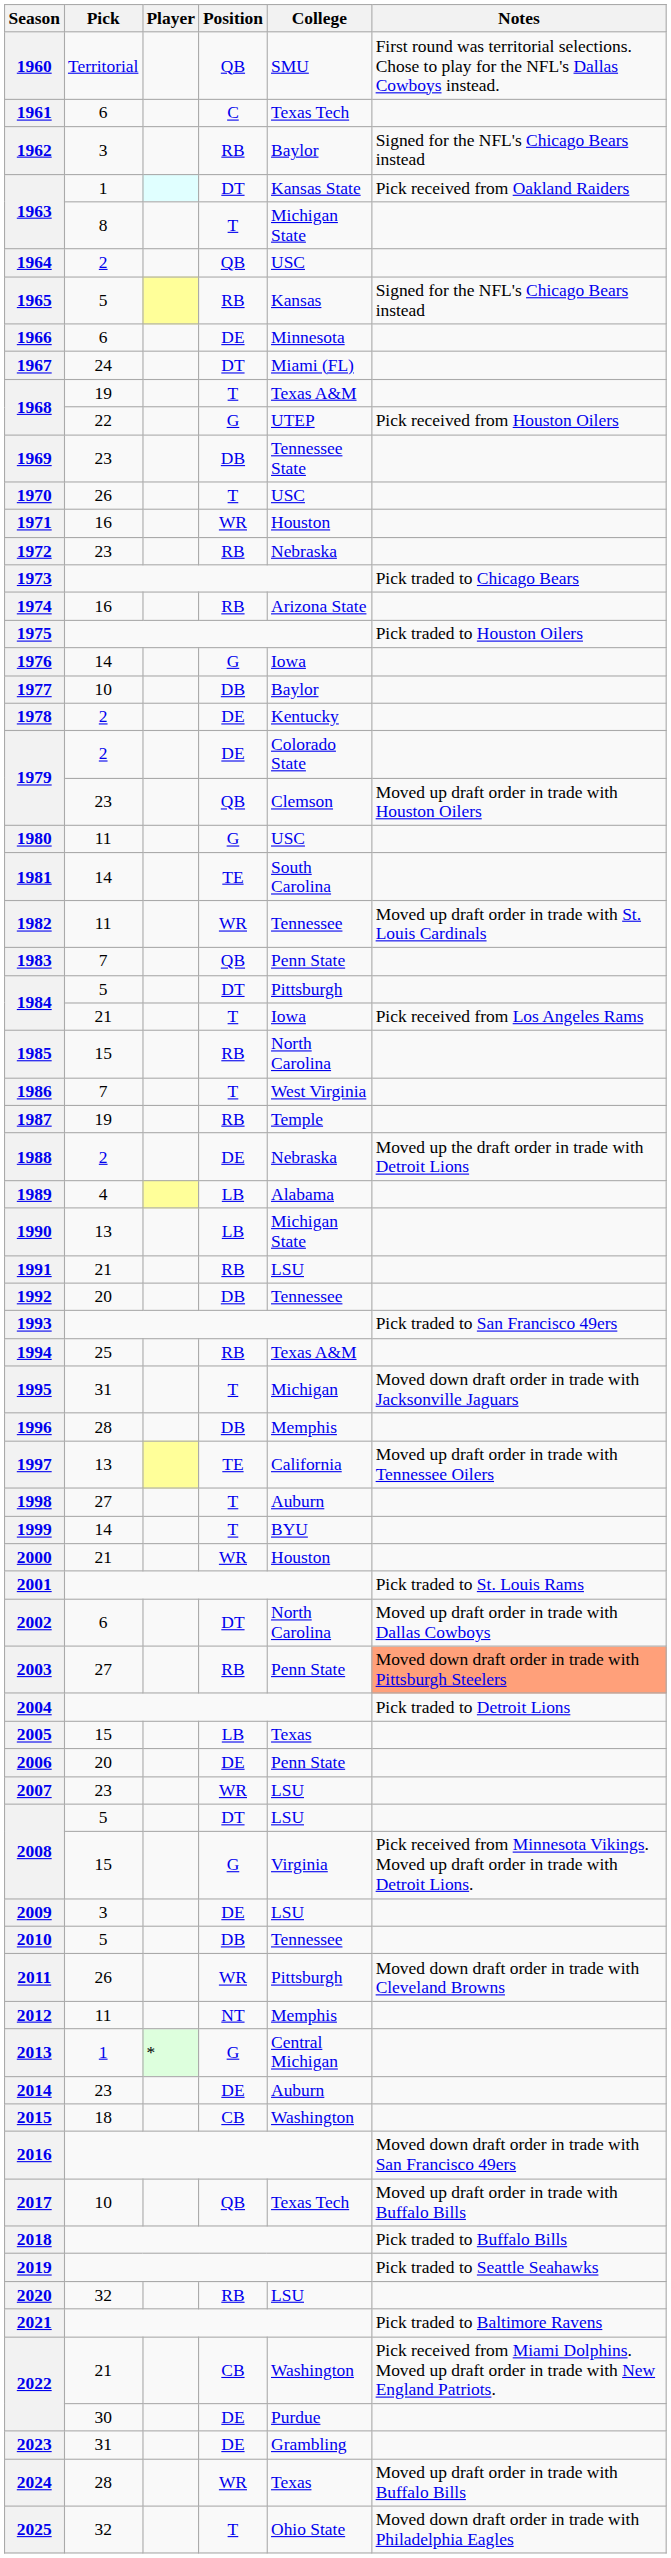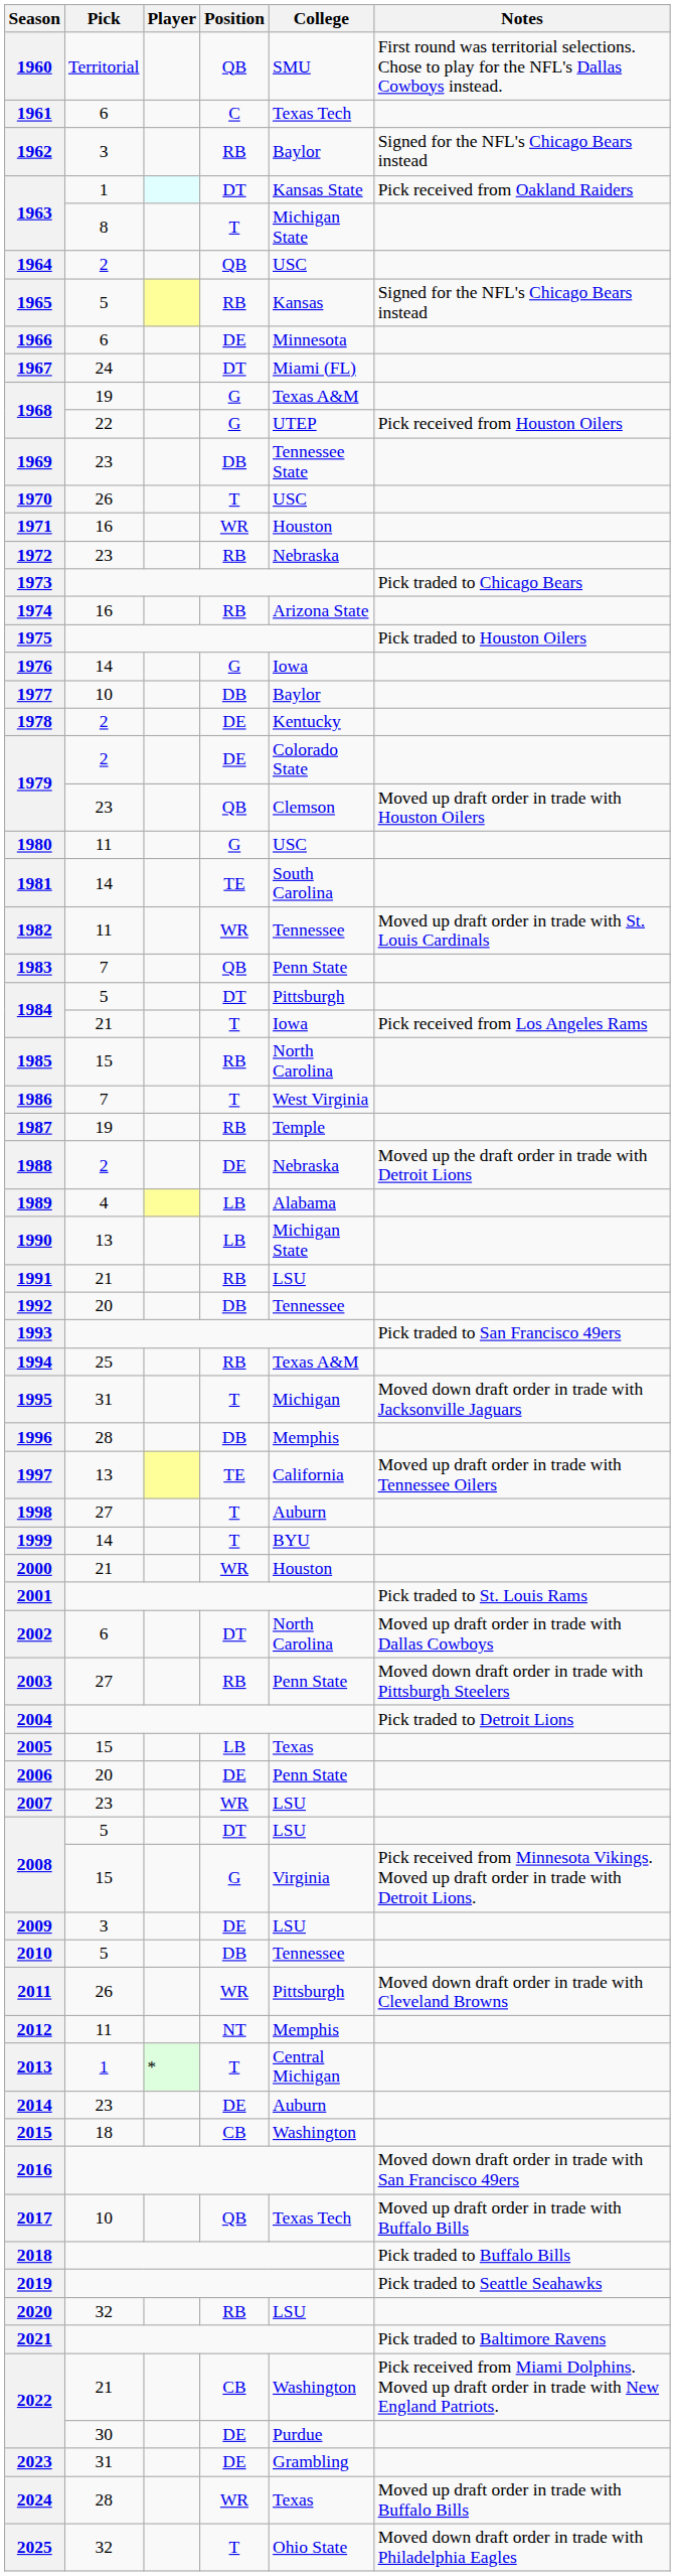 <table class="wikitable sortable">
 <tr>
 <th scope="col">Season</th>
 <th scope="col">Pick</th>
 <th scope="col">Player</th>
 <th scope="col">Position</th>
 <th scope="col">College</th>
 <th scope="col" class="unsortable">Notes</th>
 </tr>
 <tr>
 <th scope="row"><a href='#'>1960</a></th>
 <td align="center"><a href='#'>Territorial</a></td>
 <td></td>
 <td align="center"><a href='#'>QB</a></td>
 <td><a href='#'>SMU</a></td>
 <td>First round was territorial selections. Chose to play for the NFL's <a href='#'>Dallas Cowboys</a> instead.</td>
 </tr>
 <tr>
 <th scope="row"><a href='#'>1961</a></th>
 <td align="center">6</td>
 <td></td>
 <td align="center"><a href='#'>C</a></td>
 <td><a href='#'>Texas Tech</a></td>
 <td></td>
 </tr>
 <tr>
 <th scope="row"><a href='#'>1962</a></th>
 <td align="center">3</td>
 <td></td>
 <td align="center"><a href='#'>RB</a></td>
 <td><a href='#'>Baylor</a></td>
 <td>Signed for the NFL's <a href='#'>Chicago Bears</a> instead</td>
 </tr>
 <tr>
 <th scope="rowgroup" rowspan="2"><a href='#'>1963</a></th>
 <td align="center">1</td>
 <td style="background-color: #E0FFFF;"></td>
 <td align="center"><a href='#'>DT</a></td>
 <td><a href='#'>Kansas State</a></td>
 <td>Pick received from <a href='#'>Oakland Raiders</a></td>
 </tr>
 <tr>
 <td align="center">8</td>
 <td></td>
 <td align="center"><a href='#'>T</a></td>
 <td><a href='#'>Michigan State</a></td>
 <td></td>
 </tr>
 <tr>
 <th scope="row"><a href='#'>1964</a></th>
 <td align="center"><a href='#'>2</a></td>
 <td></td>
 <td align="center"><a href='#'>QB</a></td>
 <td><a href='#'>USC</a></td>
 <td></td>
 </tr>
 <tr>
 <th scope="row"><a href='#'>1965</a></th>
 <td align="center">5</td>
 <td style="background-color: #FFFF99;"></td>
 <td align="center"><a href='#'>RB</a></td>
 <td><a href='#'>Kansas</a></td>
 <td>Signed for the NFL's <a href='#'>Chicago Bears</a> instead</td>
 </tr>
 <tr>
 <th scope="row"><a href='#'>1966</a></th>
 <td align="center">6</td>
 <td></td>
 <td align="center"><a href='#'>DE</a></td>
 <td><a href='#'>Minnesota</a></td>
 <td></td>
 </tr>
 <tr>
 <th scope="row"><a href='#'>1967</a></th>
 <td align="center">24</td>
 <td></td>
 <td align="center"><a href='#'>DT</a></td>
 <td><a href='#'>Miami (FL)</a></td>
 <td></td>
 </tr>
 <tr>
 <th scope="rowgroup" rowspan="2"><a href='#'>1968</a></th>
 <td align="center">19</td>
 <td></td>
-<td align="center"><a href='#'>T</a></td>
+<td align="center"><a href='#'>G</a></td>
 <td><a href='#'>Texas A&M</a></td>
 <td></td>
 </tr>
 <tr>
 <td align="center">22</td>
 <td></td>
 <td align="center"><a href='#'>G</a></td>
 <td><a href='#'>UTEP</a></td>
 <td>Pick received from <a href='#'>Houston Oilers</a></td>
 </tr>
 <tr>
 <th scope="row"><a href='#'>1969</a></th>
 <td align="center">23</td>
 <td></td>
 <td align="center"><a href='#'>DB</a></td>
 <td><a href='#'>Tennessee State</a></td>
 <td></td>
 </tr>
 <tr>
 <th scope="row"><a href='#'>1970</a></th>
 <td align="center">26</td>
 <td></td>
 <td align="center"><a href='#'>T</a></td>
 <td><a href='#'>USC</a></td>
 <td></td>
 </tr>
 <tr>
 <th scope="row"><a href='#'>1971</a></th>
 <td align="center">16</td>
 <td></td>
 <td align="center"><a href='#'>WR</a></td>
 <td><a href='#'>Houston</a></td>
 <td></td>
 </tr>
 <tr>
 <th scope="row"><a href='#'>1972</a></th>
 <td align="center">23</td>
 <td></td>
 <td align="center"><a href='#'>RB</a></td>
 <td><a href='#'>Nebraska</a></td>
 <td></td>
 </tr>
 <tr>
 <th scope="row"><a href='#'>1973</a></th>
 <td colspan="4" align="center"><em></em></td>
 <td>Pick traded to <a href='#'>Chicago Bears</a></td>
 </tr>
 <tr>
 <th scope="row"><a href='#'>1974</a></th>
 <td align="center">16</td>
 <td></td>
 <td align="center"><a href='#'>RB</a></td>
 <td><a href='#'>Arizona State</a></td>
 <td></td>
 </tr>
 <tr>
 <th scope="row"><a href='#'>1975</a></th>
 <td colspan="4" align="center"><em></em></td>
 <td>Pick traded to <a href='#'>Houston Oilers</a></td>
 </tr>
 <tr>
 <th scope="row"><a href='#'>1976</a></th>
 <td align="center">14</td>
 <td></td>
 <td align="center"><a href='#'>G</a></td>
 <td><a href='#'>Iowa</a></td>
 <td></td>
 </tr>
 <tr>
 <th scope="row"><a href='#'>1977</a></th>
 <td align="center">10</td>
 <td></td>
 <td align="center"><a href='#'>DB</a></td>
 <td><a href='#'>Baylor</a></td>
 <td></td>
 </tr>
 <tr>
 <th scope="row"><a href='#'>1978</a></th>
 <td align="center"><a href='#'>2</a></td>
 <td></td>
 <td align="center"><a href='#'>DE</a></td>
 <td><a href='#'>Kentucky</a></td>
 <td></td>
 </tr>
 <tr>
 <th scope="rowgroup" rowspan="2"><a href='#'>1979</a></th>
 <td align="center"><a href='#'>2</a></td>
 <td></td>
 <td align="center"><a href='#'>DE</a></td>
 <td><a href='#'>Colorado State</a></td>
 <td></td>
 </tr>
 <tr>
 <td align="center">23</td>
 <td></td>
 <td align="center"><a href='#'>QB</a></td>
 <td><a href='#'>Clemson</a></td>
 <td>Moved up draft order in trade with <a href='#'>Houston Oilers</a></td>
 </tr>
 <tr>
 <th scope="row"><a href='#'>1980</a></th>
 <td align="center">11</td>
 <td></td>
 <td align="center"><a href='#'>G</a></td>
 <td><a href='#'>USC</a></td>
 <td></td>
 </tr>
 <tr>
 <th scope="row"><a href='#'>1981</a></th>
 <td align="center">14</td>
 <td></td>
 <td align="center"><a href='#'>TE</a></td>
 <td><a href='#'>South Carolina</a></td>
 <td></td>
 </tr>
 <tr>
 <th scope="row"><a href='#'>1982</a></th>
 <td align="center">11</td>
 <td></td>
 <td align="center"><a href='#'>WR</a></td>
 <td><a href='#'>Tennessee</a></td>
 <td>Moved up draft order in trade with <a href='#'>St. Louis Cardinals</a></td>
 </tr>
 <tr>
 <th scope="row"><a href='#'>1983</a></th>
 <td align="center">7</td>
 <td></td>
 <td align="center"><a href='#'>QB</a></td>
 <td><a href='#'>Penn State</a></td>
 <td></td>
 </tr>
 <tr>
 <th scope="rowgroup" rowspan="2"><a href='#'>1984</a></th>
 <td align="center">5</td>
 <td></td>
 <td align="center"><a href='#'>DT</a></td>
 <td><a href='#'>Pittsburgh</a></td>
 <td></td>
 </tr>
 <tr>
 <td align="center">21</td>
 <td></td>
 <td align="center"><a href='#'>T</a></td>
 <td><a href='#'>Iowa</a></td>
 <td>Pick received from <a href='#'>Los Angeles Rams</a></td>
 </tr>
 <tr>
 <th scope="row"><a href='#'>1985</a></th>
 <td align="center">15</td>
 <td></td>
 <td align="center"><a href='#'>RB</a></td>
 <td><a href='#'>North Carolina</a></td>
 <td></td>
 </tr>
 <tr>
 <th scope="row"><a href='#'>1986</a></th>
 <td align="center">7</td>
 <td></td>
 <td align="center"><a href='#'>T</a></td>
 <td><a href='#'>West Virginia</a></td>
 <td></td>
 </tr>
 <tr>
 <th scope="row"><a href='#'>1987</a></th>
 <td align="center">19</td>
 <td></td>
 <td align="center"><a href='#'>RB</a></td>
 <td><a href='#'>Temple</a></td>
 <td></td>
 </tr>
 <tr>
 <th scope="row"><a href='#'>1988</a></th>
 <td align="center"><a href='#'>2</a></td>
 <td></td>
 <td align="center"><a href='#'>DE</a></td>
 <td><a href='#'>Nebraska</a></td>
 <td>Moved up the draft order in trade with <a href='#'>Detroit Lions</a></td>
 </tr>
 <tr>
 <th scope="row"><a href='#'>1989</a></th>
 <td align="center">4</td>
 <td style="background-color: #FFFF99;"></td>
 <td align="center"><a href='#'>LB</a></td>
 <td><a href='#'>Alabama</a></td>
 <td></td>
 </tr>
 <tr>
 <th scope="row"><a href='#'>1990</a></th>
 <td align="center">13</td>
 <td></td>
 <td align="center"><a href='#'>LB</a></td>
 <td><a href='#'>Michigan State</a></td>
 <td></td>
 </tr>
 <tr>
 <th scope="row"><a href='#'>1991</a></th>
 <td align="center">21</td>
 <td></td>
 <td align="center"><a href='#'>RB</a></td>
 <td><a href='#'>LSU</a></td>
 <td></td>
 </tr>
 <tr>
 <th scope="row"><a href='#'>1992</a></th>
 <td align="center">20</td>
 <td></td>
 <td align="center"><a href='#'>DB</a></td>
 <td><a href='#'>Tennessee</a></td>
 <td></td>
 </tr>
 <tr>
 <th scope="row"><a href='#'>1993</a></th>
 <td colspan="4" align="center"><em></em></td>
 <td>Pick traded to <a href='#'>San Francisco 49ers</a></td>
 </tr>
 <tr>
 <th scope="row"><a href='#'>1994</a></th>
 <td align="center">25</td>
 <td></td>
 <td align="center"><a href='#'>RB</a></td>
 <td><a href='#'>Texas A&M</a></td>
 <td></td>
 </tr>
 <tr>
 <th scope="row"><a href='#'>1995</a></th>
 <td align="center">31</td>
 <td></td>
 <td align="center"><a href='#'>T</a></td>
 <td><a href='#'>Michigan</a></td>
 <td>Moved down draft order in trade with <a href='#'>Jacksonville Jaguars</a></td>
 </tr>
 <tr>
 <th scope="row"><a href='#'>1996</a></th>
 <td align="center">28</td>
 <td></td>
 <td align="center"><a href='#'>DB</a></td>
 <td><a href='#'>Memphis</a></td>
 <td></td>
 </tr>
 <tr>
 <th scope="row"><a href='#'>1997</a></th>
 <td align="center">13</td>
 <td style="background-color: #FFFF99;"></td>
 <td align="center"><a href='#'>TE</a></td>
 <td><a href='#'>California</a></td>
 <td>Moved up draft order in trade with <a href='#'>Tennessee Oilers</a></td>
 </tr>
 <tr>
 <th scope="row"><a href='#'>1998</a></th>
 <td align="center">27</td>
 <td></td>
 <td align="center"><a href='#'>T</a></td>
 <td><a href='#'>Auburn</a></td>
 <td></td>
 </tr>
 <tr>
 <th scope="row"><a href='#'>1999</a></th>
 <td align="center">14</td>
 <td></td>
 <td align="center"><a href='#'>T</a></td>
 <td><a href='#'>BYU</a></td>
 <td></td>
 </tr>
 <tr>
 <th scope="row"><a href='#'>2000</a></th>
 <td align="center">21</td>
 <td></td>
 <td align="center"><a href='#'>WR</a></td>
 <td><a href='#'>Houston</a></td>
 <td></td>
 </tr>
 <tr>
 <th scope="row"><a href='#'>2001</a></th>
 <td colspan="4" align="center"><em></em></td>
 <td>Pick traded to <a href='#'>St. Louis Rams</a></td>
 </tr>
 <tr>
 <th scope="row"><a href='#'>2002</a></th>
 <td align="center">6</td>
 <td></td>
 <td align="center"><a href='#'>DT</a></td>
 <td><a href='#'>North Carolina</a></td>
 <td>Moved up draft order in trade with <a href='#'>Dallas Cowboys</a></td>
 </tr>
 <tr>
 <th scope="row"><a href='#'>2003</a></th>
 <td align="center">27</td>
 <td></td>
 <td align="center"><a href='#'>RB</a></td>
 <td><a href='#'>Penn State</a></td>
-<td style="background: lightsalmon;">Moved down draft order in trade with <a href='#'>Pittsburgh Steelers</a></td>
+<td>Moved down draft order in trade with <a href='#'>Pittsburgh Steelers</a></td>
 </tr>
 <tr>
 <th scope="row"><a href='#'>2004</a></th>
 <td colspan="4" align="center"><em></em></td>
 <td>Pick traded to <a href='#'>Detroit Lions</a></td>
 </tr>
 <tr>
 <th scope="row"><a href='#'>2005</a></th>
 <td align="center">15</td>
 <td></td>
 <td align="center"><a href='#'>LB</a></td>
 <td><a href='#'>Texas</a></td>
 <td></td>
 </tr>
 <tr>
 <th scope="row"><a href='#'>2006</a></th>
 <td align="center">20</td>
 <td></td>
 <td align="center"><a href='#'>DE</a></td>
 <td><a href='#'>Penn State</a></td>
 <td></td>
 </tr>
 <tr>
 <th scope="row"><a href='#'>2007</a></th>
 <td align="center">23</td>
 <td></td>
 <td align="center"><a href='#'>WR</a></td>
 <td><a href='#'>LSU</a></td>
 <td></td>
 </tr>
 <tr>
 <th scope="rowgroup" rowspan="2"><a href='#'>2008</a></th>
 <td align="center">5</td>
 <td></td>
 <td align="center"><a href='#'>DT</a></td>
 <td><a href='#'>LSU</a></td>
 <td></td>
 </tr>
 <tr>
 <td align="center">15</td>
 <td></td>
 <td align="center"><a href='#'>G</a></td>
 <td><a href='#'>Virginia</a></td>
 <td>Pick received from <a href='#'>Minnesota Vikings</a>. Moved up draft order in trade with <a href='#'>Detroit Lions</a>.</td>
 </tr>
 <tr>
 <th scope="row"><a href='#'>2009</a></th>
 <td align="center">3</td>
 <td></td>
 <td align="center"><a href='#'>DE</a></td>
 <td><a href='#'>LSU</a></td>
 <td></td>
 </tr>
 <tr>
 <th scope="row"><a href='#'>2010</a></th>
 <td align="center">5</td>
 <td></td>
 <td align="center"><a href='#'>DB</a></td>
 <td><a href='#'>Tennessee</a></td>
 <td></td>
 </tr>
 <tr>
 <th scope="row"><a href='#'>2011</a></th>
 <td align="center">26</td>
 <td></td>
 <td align="center"><a href='#'>WR</a></td>
 <td><a href='#'>Pittsburgh</a></td>
 <td>Moved down draft order in trade with <a href='#'>Cleveland Browns</a></td>
 </tr>
 <tr>
 <th scope="row"><a href='#'>2012</a></th>
 <td align="center">11</td>
 <td></td>
 <td align="center"><a href='#'>NT</a></td>
 <td><a href='#'>Memphis</a></td>
 <td></td>
 </tr>
 <tr>
 <th scope="row"><a href='#'>2013</a></th>
 <td align="center"><a href='#'>1</a></td>
 <td style="background-color: #DDFFDD;">*</td>
-<td align="center"><a href='#'>G</a></td>
+<td align="center"><a href='#'>T</a></td>
 <td><a href='#'>Central Michigan</a></td>
 <td></td>
 </tr>
 <tr>
 <th scope="row"><a href='#'>2014</a></th>
 <td align="center">23</td>
 <td></td>
 <td align="center"><a href='#'>DE</a></td>
 <td><a href='#'>Auburn</a></td>
 <td></td>
 </tr>
 <tr>
 <th scope="row"><a href='#'>2015</a></th>
 <td align="center">18</td>
 <td></td>
 <td align="center"><a href='#'>CB</a></td>
 <td><a href='#'>Washington</a></td>
 <td></td>
 </tr>
 <tr>
 <th scope="row"><a href='#'>2016</a></th>
 <td colspan="4" align="center"><em></em></td>
 <td>Moved down draft order in trade with <a href='#'>San Francisco 49ers</a></td>
 </tr>
 <tr>
 <th scope="row"><a href='#'>2017</a></th>
 <td align="center">10</td>
 <td></td>
 <td align="center"><a href='#'>QB</a></td>
 <td><a href='#'>Texas Tech</a></td>
 <td>Moved up draft order in trade with <a href='#'>Buffalo Bills</a></td>
 </tr>
 <tr>
 <th scope="row"><a href='#'>2018</a></th>
 <td colspan="4" align="center"><em></em></td>
 <td>Pick traded to <a href='#'>Buffalo Bills</a></td>
 </tr>
 <tr>
 <th scope="row"><a href='#'>2019</a></th>
 <td colspan="4" align="center"><em></em></td>
 <td>Pick traded to <a href='#'>Seattle Seahawks</a></td>
 </tr>
 <tr>
 <th scope="row"><a href='#'>2020</a></th>
 <td align="center">32</td>
 <td></td>
 <td align="center"><a href='#'>RB</a></td>
 <td><a href='#'>LSU</a></td>
 <td></td>
 </tr>
 <tr>
 <th scope="row"><a href='#'>2021</a></th>
 <td colspan="4" align="center"><em></em></td>
 <td>Pick traded to <a href='#'>Baltimore Ravens</a></td>
 </tr>
 <tr>
 <th scope="rowgroup" rowspan="2"><a href='#'>2022</a></th>
 <td align="center">21</td>
 <td></td>
 <td align="center"><a href='#'>CB</a></td>
 <td><a href='#'>Washington</a></td>
 <td>Pick received from <a href='#'>Miami Dolphins</a>. Moved up draft order in trade with <a href='#'>New England Patriots</a>.</td>
 </tr>
 <tr>
 <td align="center">30</td>
 <td></td>
 <td align="center"><a href='#'>DE</a></td>
 <td><a href='#'>Purdue</a></td>
 <td></td>
 </tr>
 <tr>
 <th scope="row"><a href='#'>2023</a></th>
 <td align="center">31</td>
 <td></td>
 <td align="center"><a href='#'>DE</a></td>
 <td><a href='#'>Grambling</a></td>
 <td></td>
 </tr>
 <tr>
 <th scope="row"><a href='#'>2024</a></th>
 <td align="center">28</td>
 <td></td>
 <td align="center"><a href='#'>WR</a></td>
 <td><a href='#'>Texas</a></td>
 <td>Moved up draft order in trade with <a href='#'>Buffalo Bills</a></td>
 </tr>
 <tr>
 <th scope="row"><a href='#'>2025</a></th>
 <td align="center">32</td>
 <td></td>
 <td align="center"><a href='#'>T</a></td>
 <td><a href='#'>Ohio State</a></td>
 <td>Moved down draft order in trade with <a href='#'>Philadelphia Eagles</a></td>
 </tr>
 </table>
